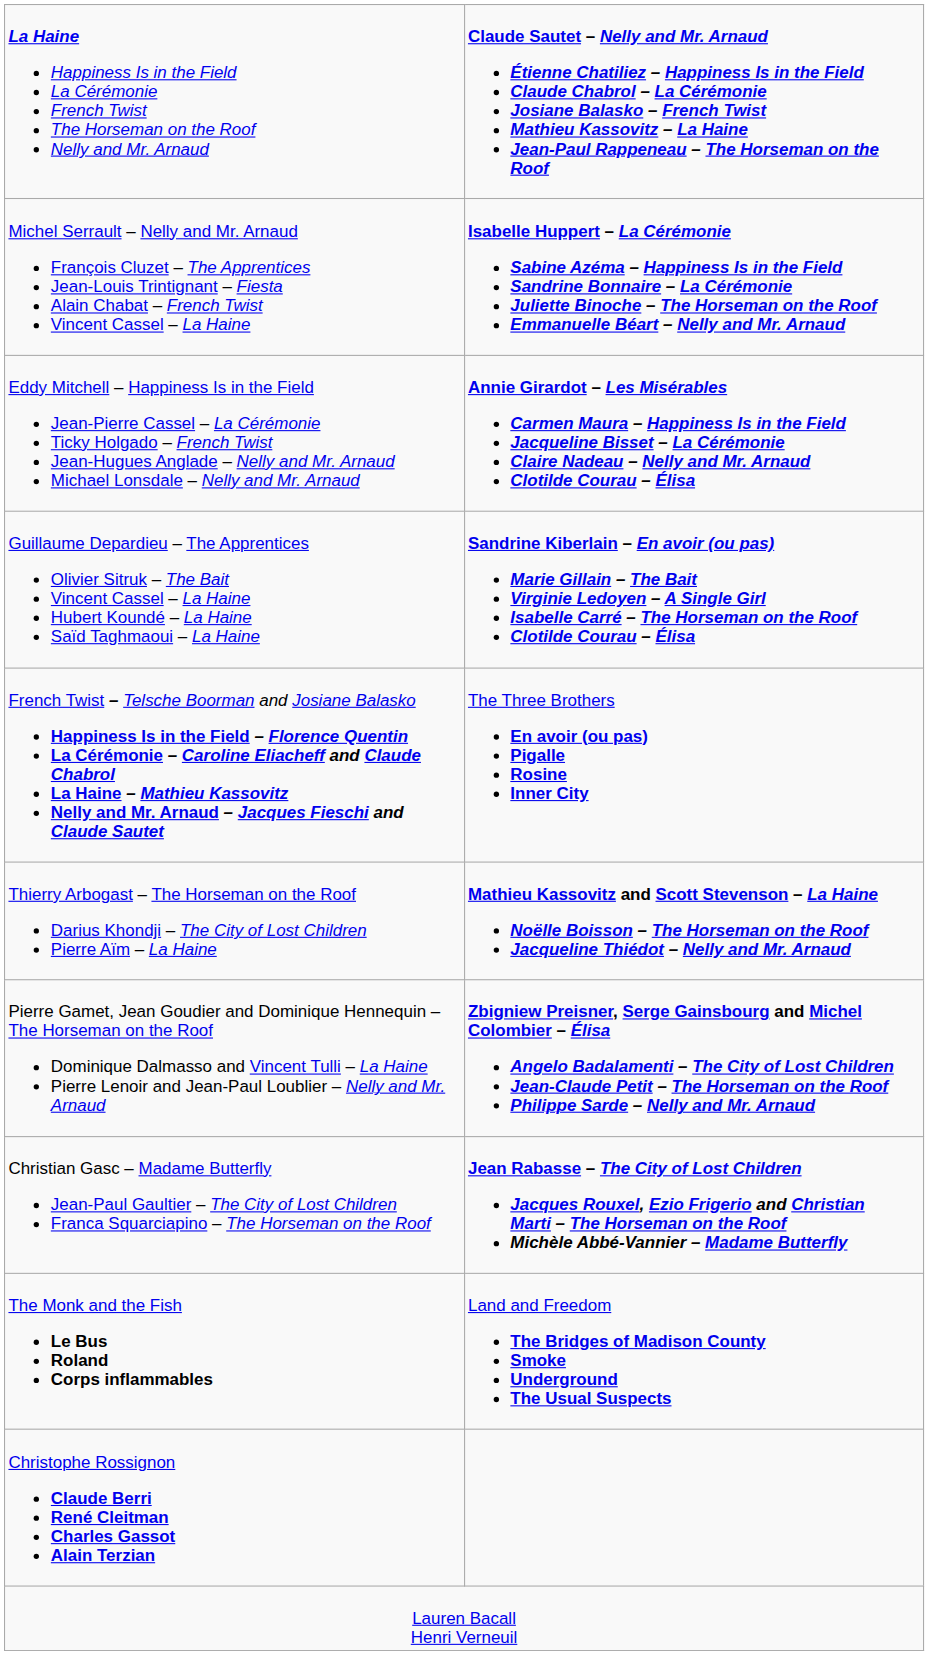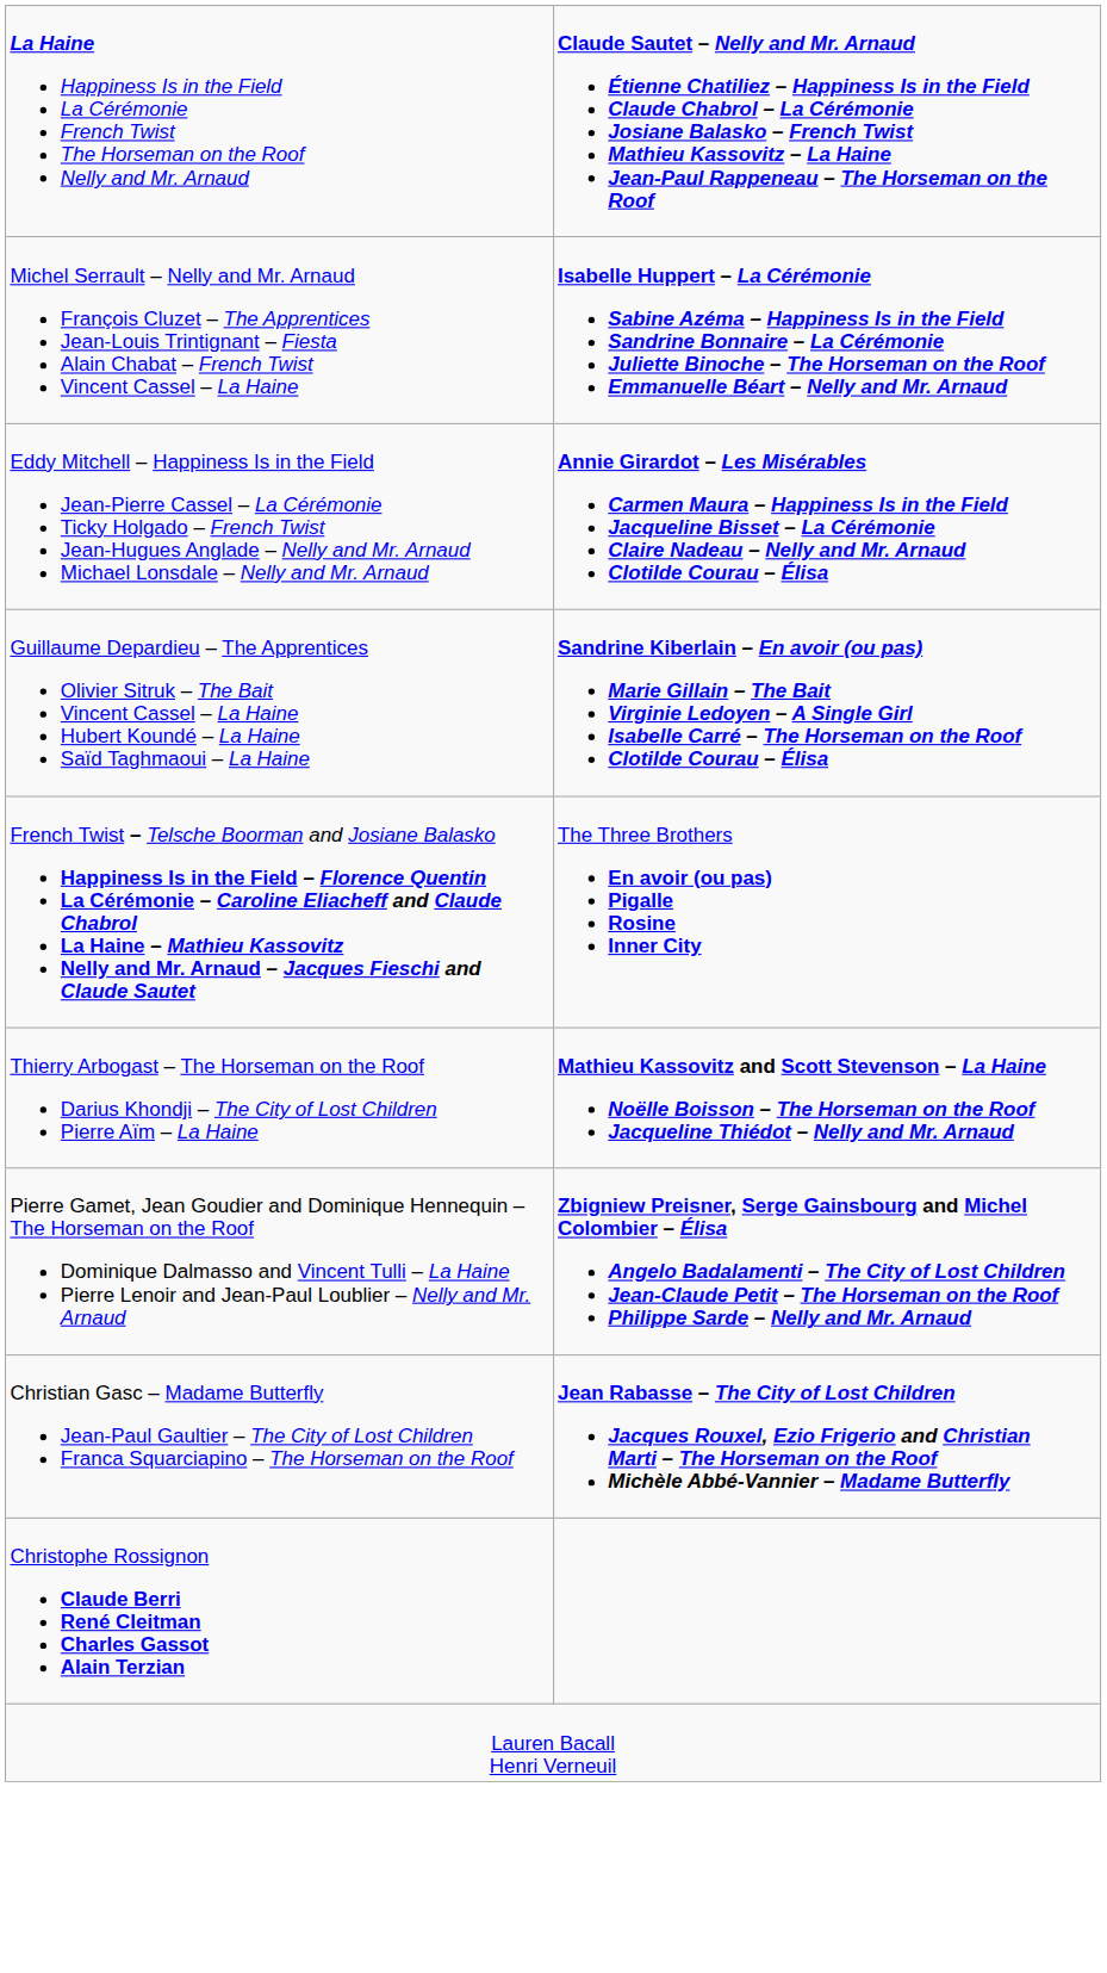 <table class=wikitable style="width=150%">
 <tr>
 <td valign="top" width="50%"><br> <strong><em><a href='#'>La Haine</a></em></strong><ul><li><em><a href='#'>Happiness Is in the Field</a></em></li><li><em><a href='#'>La Cérémonie</a></em></li><li><em><a href='#'>French Twist</a></em></li><li><em><a href='#'>The Horseman on the Roof</a></em></li><li><em><a href='#'>Nelly and Mr. Arnaud</a></em></li></ul></td>
 <td valign="top" width="50%"><br> <strong><a href='#'>Claude Sautet</a> – <em><a href='#'>Nelly and Mr. Arnaud</a><strong><em><ul><li><a href='#'>Étienne Chatiliez</a> – </em><a href='#'>Happiness Is in the Field</a><em></li><li><a href='#'>Claude Chabrol</a> – </em><a href='#'>La Cérémonie</a><em></li><li><a href='#'>Josiane Balasko</a> – </em><a href='#'>French Twist</a><em></li><li><a href='#'>Mathieu Kassovitz</a> – </em><a href='#'>La Haine</a><em></li><li><a href='#'>Jean-Paul Rappeneau</a> – </em><a href='#'>The Horseman on the Roof</a><em></li></ul></td>
 </tr>
 <tr>
 <td valign="top" width="50%"><br> </strong><a href='#'>Michel Serrault</a> –  </em><a href='#'>Nelly and Mr. Arnaud</a></em></strong><ul><li><a href='#'>François Cluzet</a> – <em><a href='#'>The Apprentices</a></em></li><li><a href='#'>Jean-Louis Trintignant</a> – <em><a href='#'>Fiesta</a></em></li><li><a href='#'>Alain Chabat</a> – <em><a href='#'>French Twist</a></em></li><li><a href='#'>Vincent Cassel</a> – <em><a href='#'>La Haine</a></em></li></ul></td>
 <td valign="top" width="50%"><br> <strong><a href='#'>Isabelle Huppert</a> – <em><a href='#'>La Cérémonie</a><strong><em><ul><li><a href='#'>Sabine Azéma</a> – </em><a href='#'>Happiness Is in the Field</a><em></li><li><a href='#'>Sandrine Bonnaire</a> – </em><a href='#'>La Cérémonie</a><em></li><li><a href='#'>Juliette Binoche</a> – </em><a href='#'>The Horseman on the Roof</a><em></li><li><a href='#'>Emmanuelle Béart</a> – </em><a href='#'>Nelly and Mr. Arnaud</a><em></li></ul></td>
 </tr>
 <tr>
 <td valign="top" width="50%"><br> </strong><a href='#'>Eddy Mitchell</a> – </em><a href='#'>Happiness Is in the Field</a></em></strong><ul><li><a href='#'>Jean-Pierre Cassel</a> – <em><a href='#'>La Cérémonie</a></em></li><li><a href='#'>Ticky Holgado</a> – <em><a href='#'>French Twist</a></em></li><li><a href='#'>Jean-Hugues Anglade</a> – <em><a href='#'>Nelly and Mr. Arnaud</a></em></li><li><a href='#'>Michael Lonsdale</a> – <em><a href='#'>Nelly and Mr. Arnaud</a></em></li></ul></td>
 <td valign="top" width="50%"><br> <strong><a href='#'>Annie Girardot</a> – <em><a href='#'>Les Misérables</a><strong><em><ul><li><a href='#'>Carmen Maura</a> – </em><a href='#'>Happiness Is in the Field</a><em></li><li><a href='#'>Jacqueline Bisset</a> – </em><a href='#'>La Cérémonie</a><em></li><li><a href='#'>Claire Nadeau</a> – </em><a href='#'>Nelly and Mr. Arnaud</a><em></li><li><a href='#'>Clotilde Courau</a> – </em><a href='#'>Élisa</a><em></li></ul></td>
 </tr>
 <tr>
 <td valign="top" width="50%"><br> </strong><a href='#'>Guillaume Depardieu</a> – </em><a href='#'>The Apprentices</a></em></strong><ul><li><a href='#'>Olivier Sitruk</a> – <em><a href='#'>The Bait</a></em></li><li><a href='#'>Vincent Cassel</a> – <em><a href='#'>La Haine</a></em></li><li><a href='#'>Hubert Koundé</a> – <em><a href='#'>La Haine</a></em></li><li><a href='#'>Saïd Taghmaoui</a> – <em><a href='#'>La Haine</a></em></li></ul></td>
 <td valign="top" width="50%"><br> <strong><a href='#'>Sandrine Kiberlain</a> – <em><a href='#'>En avoir (ou pas)</a><strong><em><ul><li><a href='#'>Marie Gillain</a> – </em><a href='#'>The Bait</a><em></li><li><a href='#'>Virginie Ledoyen</a> – </em><a href='#'>A Single Girl</a><em></li><li><a href='#'>Isabelle Carré</a> – </em><a href='#'>The Horseman on the Roof</a><em></li><li><a href='#'>Clotilde Courau</a> – </em><a href='#'>Élisa</a><em></li></ul></td>
 </tr>
 <tr>
 <td valign="top" width="50%"><br> </em></strong><a href='#'>French Twist</a><strong><em> – </strong><a href='#'>Telsche Boorman</a> and <a href='#'>Josiane Balasko</a><strong><ul><li></em><a href='#'>Happiness Is in the Field</a><em> – <a href='#'>Florence Quentin</a></li><li></em><a href='#'>La Cérémonie</a><em> – <a href='#'>Caroline Eliacheff</a> and <a href='#'>Claude Chabrol</a></li><li></em><a href='#'>La Haine</a><em> – <a href='#'>Mathieu Kassovitz</a></li><li></em><a href='#'>Nelly and Mr. Arnaud</a><em> – <a href='#'>Jacques Fieschi</a> and <a href='#'>Claude Sautet</a></li></ul></td>
 <td valign="top" width="50%"><br> </em></strong><a href='#'>The Three Brothers</a><strong><em><ul><li></em><a href='#'>En avoir (ou pas)</a><em></li><li></em><a href='#'>Pigalle</a><em></li><li></em><a href='#'>Rosine</a><em></li><li></em><a href='#'>Inner City</a><em></li></ul></td>
 </tr>
 <tr>
 <td valign="top" width="50%"><br> </strong><a href='#'>Thierry Arbogast</a> – </em><a href='#'>The Horseman on the Roof</a></em></strong><ul><li><a href='#'>Darius Khondji</a> – <em><a href='#'>The City of Lost Children</a></em></li><li><a href='#'>Pierre Aïm</a> – <em><a href='#'>La Haine</a></em></li></ul></td>
 <td valign="top" width="50%"><br> <strong><a href='#'>Mathieu Kassovitz</a> and <a href='#'>Scott Stevenson</a> – <em><a href='#'>La Haine</a><strong><em><ul><li><a href='#'>Noëlle Boisson</a> – </em><a href='#'>The Horseman on the Roof</a><em></li><li><a href='#'>Jacqueline Thiédot</a> – </em><a href='#'>Nelly and Mr. Arnaud</a><em></li></ul></td>
 </tr>
 <tr>
 <td valign="top" width="50%"><br> </strong>Pierre Gamet, Jean Goudier and Dominique Hennequin – </em><a href='#'>The Horseman on the Roof</a></em></strong><ul><li>Dominique Dalmasso and <a href='#'>Vincent Tulli</a> – <em><a href='#'>La Haine</a></em></li><li>Pierre Lenoir and Jean-Paul Loublier – <em><a href='#'>Nelly and Mr. Arnaud</a></em></li></ul></td>
 <td valign="top" width="50%"><br> <strong><a href='#'>Zbigniew Preisner</a>, <a href='#'>Serge Gainsbourg</a> and <a href='#'>Michel Colombier</a> – <em><a href='#'>Élisa</a><strong><em><ul><li><a href='#'>Angelo Badalamenti</a> – </em><a href='#'>The City of Lost Children</a><em></li><li><a href='#'>Jean-Claude Petit</a> – </em><a href='#'>The Horseman on the Roof</a><em></li><li><a href='#'>Philippe Sarde</a> – </em><a href='#'>Nelly and Mr. Arnaud</a><em></li></ul></td>
 </tr>
 <tr>
 <td valign="top" width="50%"><br> </strong>Christian Gasc – </em><a href='#'>Madame Butterfly</a></em></strong><ul><li><a href='#'>Jean-Paul Gaultier</a> – <em><a href='#'>The City of Lost Children</a></em></li><li><a href='#'>Franca Squarciapino</a> – <em><a href='#'>The Horseman on the Roof</a></em></li></ul></td>
 <td valign="top" width="50%"><br> <strong><a href='#'>Jean Rabasse</a> – <em><a href='#'>The City of Lost Children</a><strong><em><ul><li><a href='#'>Jacques Rouxel</a>, <a href='#'>Ezio Frigerio</a> and <a href='#'>Christian Marti</a> – </em><a href='#'>The Horseman on the Roof</a><em></li><li>Michèle Abbé-Vannier – </em><a href='#'>Madame Butterfly</a><em></li></ul></td>
 </tr>
 <tr>
-<td valign="top" width="50%"><br> </em></strong><a href='#'>The Monk and the Fish</a><strong><em><ul><li></em>Le Bus<em></li><li></em>Roland<em></li><li></em>Corps inflammables<em></li></ul></td>
-<td valign="top" width="50%"><br> </em></strong><a href='#'>Land and Freedom</a><strong><em><ul><li></em><a href='#'>The Bridges of Madison County</a><em></li><li></em><a href='#'>Smoke</a><em></li><li></em><a href='#'>Underground</a><em></li><li></em><a href='#'>The Usual Suspects</a><em></li></ul></td>
-</tr>
-<tr>
 <td valign="top" width="50%"><br> </strong><a href='#'>Christophe Rossignon</a><strong><ul><li><a href='#'>Claude Berri</a></li><li><a href='#'>René Cleitman</a></li><li><a href='#'>Charles Gassot</a></li><li><a href='#'>Alain Terzian</a></li></ul></td>
 </tr>
 <tr>
 <td align="center" colspan="2" valign="top" width="50%"><br> </strong><a href='#'>Lauren Bacall</a><strong><br> </strong><a href='#'>Henri Verneuil</a><strong></td>
 </tr>
 <tr>
 </tr>
 </table>
